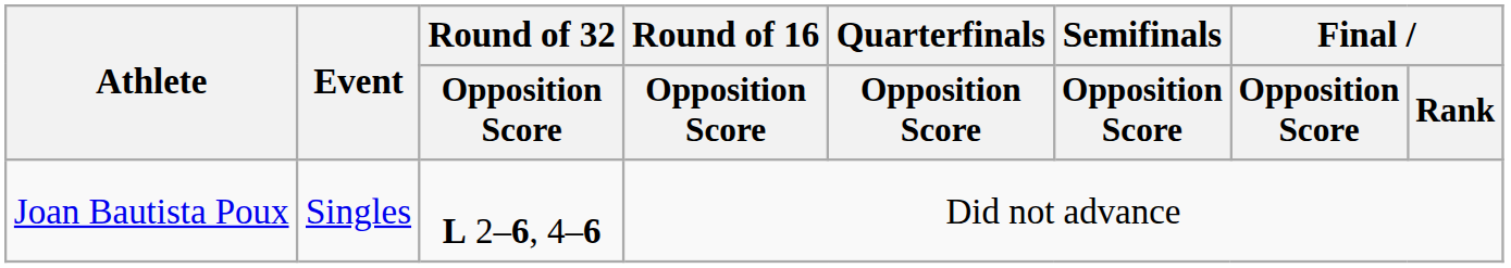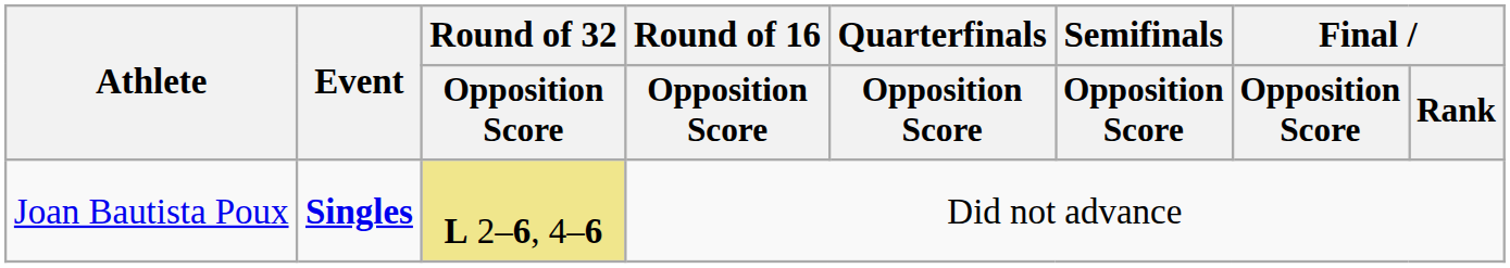 <table class=wikitable style="font-size:90%">
 <tr>
 <th rowspan="2">Athlete</th>
 <th rowspan="2">Event</th>
 <th>Round of 32</th>
 <th>Round of 16</th>
 <th>Quarterfinals</th>
 <th>Semifinals</th>
 <th colspan=2>Final / </th>
 </tr>
 <tr style="font-size:95%">
 <th>Opposition<br>Score</th>
 <th>Opposition<br>Score</th>
 <th>Opposition<br>Score</th>
 <th>Opposition<br>Score</th>
 <th>Opposition<br>Score</th>
 <th>Rank</th>
 </tr>
 <tr align=center>
 <td align=left><a href='#'>Joan Bautista Poux</a></td>
-<td align=left><a href='#'>Singles</a></td>
-<td><br><strong>L</strong> 2–<strong>6</strong>, 4–<strong>6</strong></td>
+<td align=left><strong><a href='#'>Singles</a></strong></td>
+<td style="background: khaki;"><br><strong>L</strong> 2–<strong>6</strong>, 4–<strong>6</strong></td>
 <td colspan="5">Did not advance</td>
 </tr>
 </table>
